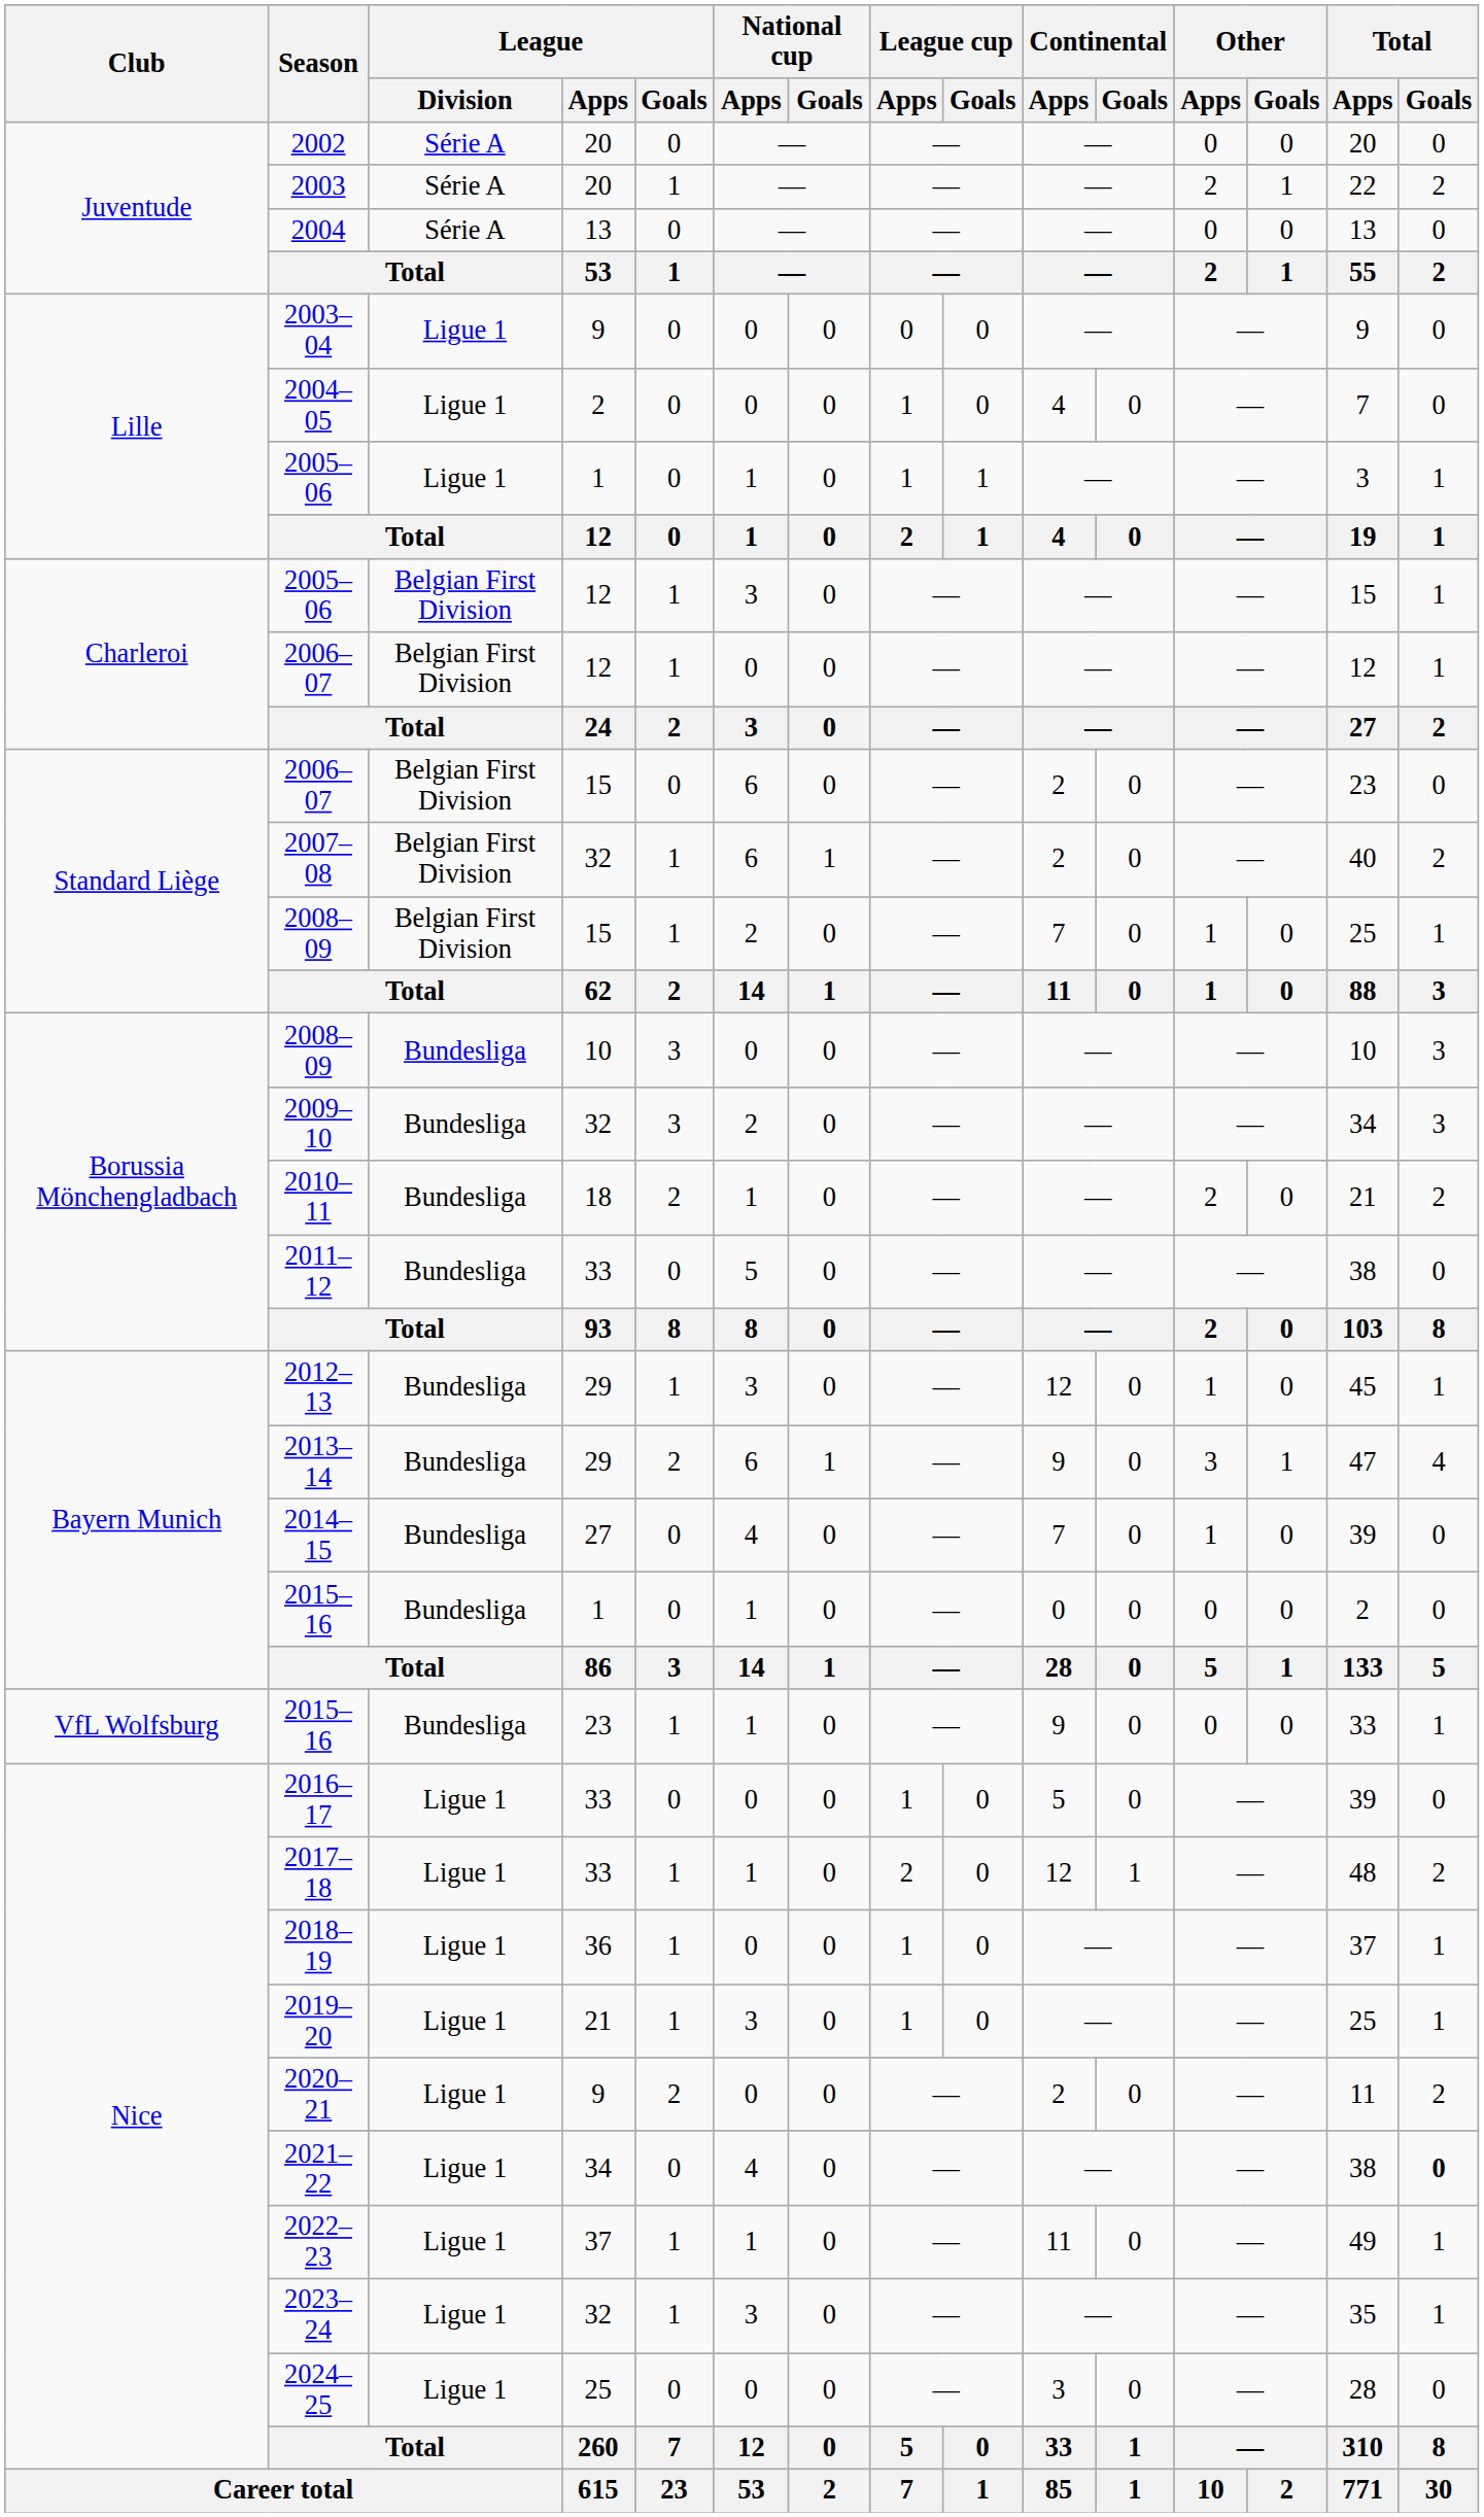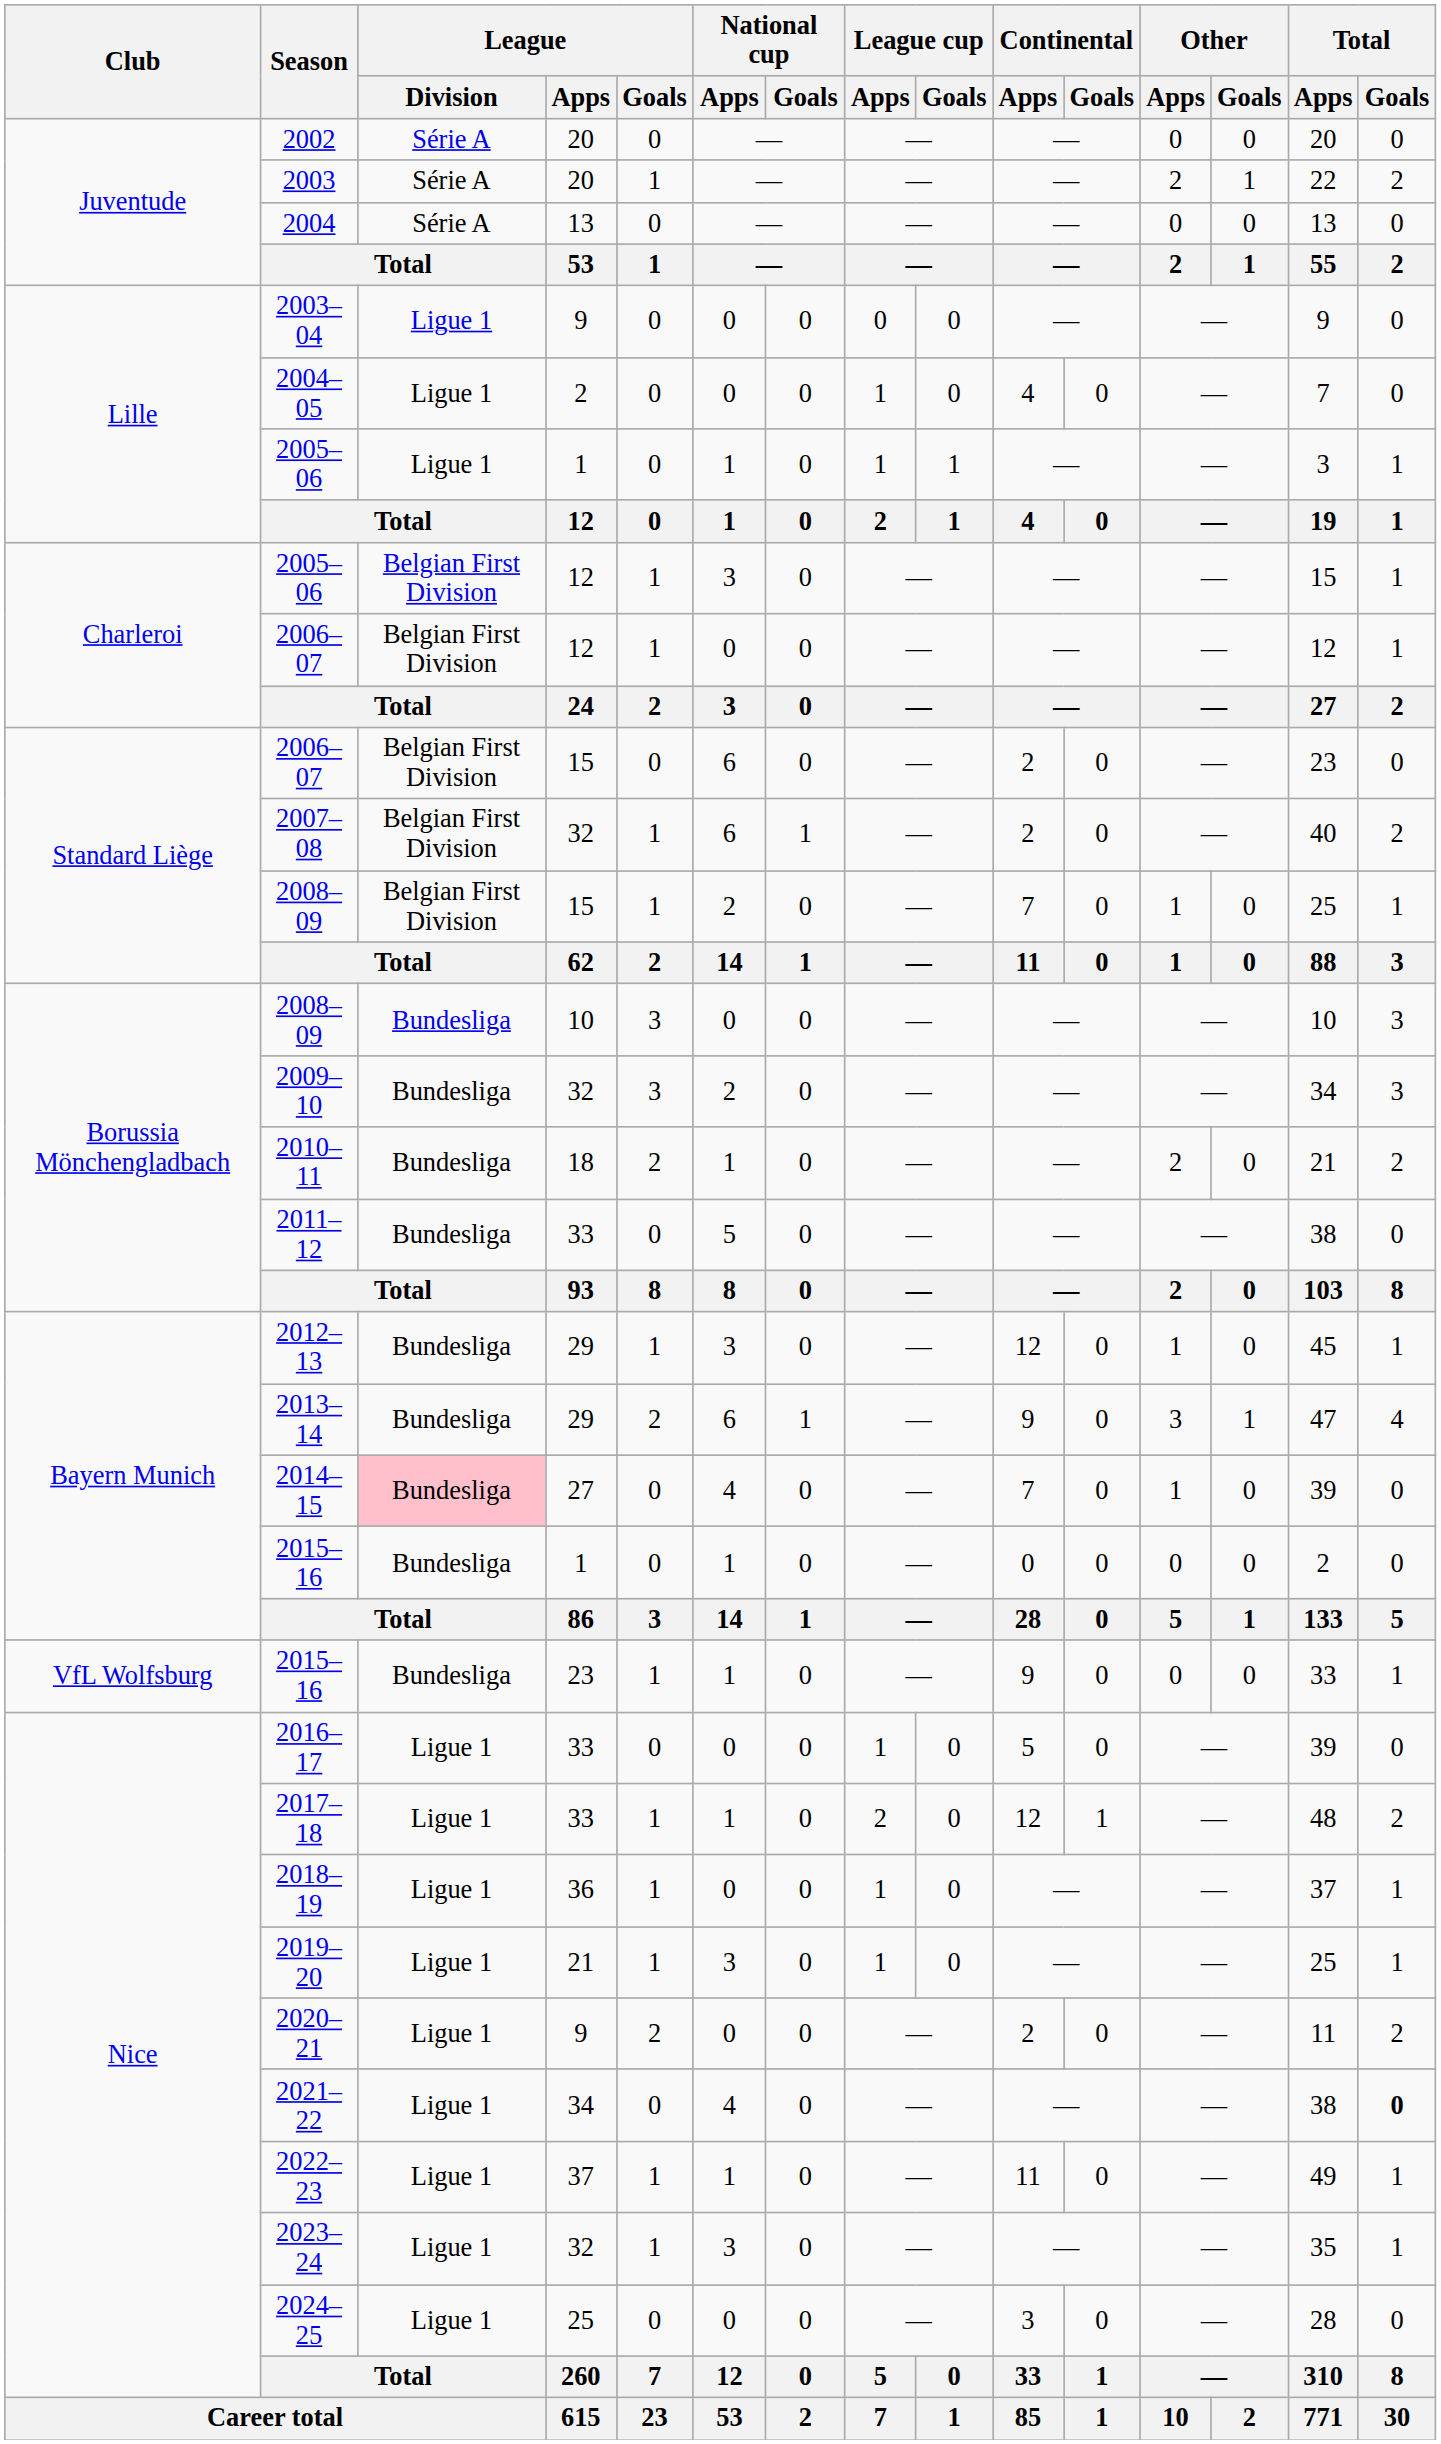 <table class="wikitable" style="text-align:center">
 <tr>
 <th rowspan="2">Club</th>
 <th rowspan="2">Season</th>
 <th colspan="3">League</th>
 <th colspan="2">National cup</th>
 <th colspan="2">League cup</th>
 <th colspan="2">Continental</th>
 <th colspan="2">Other</th>
 <th colspan="2">Total</th>
 </tr>
 <tr>
 <th>Division</th>
 <th>Apps</th>
 <th>Goals</th>
 <th>Apps</th>
 <th>Goals</th>
 <th>Apps</th>
 <th>Goals</th>
 <th>Apps</th>
 <th>Goals</th>
 <th>Apps</th>
 <th>Goals</th>
 <th>Apps</th>
 <th>Goals</th>
 </tr>
 <tr>
 <td rowspan="4"><a href='#'>Juventude</a></td>
 <td><a href='#'>2002</a></td>
 <td><a href='#'>Série A</a></td>
 <td>20</td>
 <td>0</td>
 <td colspan="2">—</td>
 <td colspan="2">—</td>
 <td colspan="2">—</td>
 <td>0</td>
 <td>0</td>
 <td>20</td>
 <td>0</td>
 </tr>
 <tr>
 <td><a href='#'>2003</a></td>
 <td>Série A</td>
 <td>20</td>
 <td>1</td>
 <td colspan="2">—</td>
 <td colspan="2">—</td>
 <td colspan="2">—</td>
 <td>2</td>
 <td>1</td>
 <td>22</td>
 <td>2</td>
 </tr>
 <tr>
 <td><a href='#'>2004</a></td>
 <td>Série A</td>
 <td>13</td>
 <td>0</td>
 <td colspan="2">—</td>
 <td colspan="2">—</td>
 <td colspan="2">—</td>
 <td>0</td>
 <td>0</td>
 <td>13</td>
 <td>0</td>
 </tr>
 <tr>
 <th colspan="2">Total</th>
 <th>53</th>
 <th>1</th>
 <th colspan="2">—</th>
 <th colspan="2">—</th>
 <th colspan="2">—</th>
 <th>2</th>
 <th>1</th>
 <th>55</th>
 <th>2</th>
 </tr>
 <tr>
 <td rowspan="4"><a href='#'>Lille</a></td>
 <td><a href='#'>2003–04</a></td>
 <td><a href='#'>Ligue 1</a></td>
 <td>9</td>
 <td>0</td>
 <td>0</td>
 <td>0</td>
 <td>0</td>
 <td>0</td>
 <td colspan="2">—</td>
 <td colspan="2">—</td>
 <td>9</td>
 <td>0</td>
 </tr>
 <tr>
 <td><a href='#'>2004–05</a></td>
 <td>Ligue 1</td>
 <td>2</td>
 <td>0</td>
 <td>0</td>
 <td>0</td>
 <td>1</td>
 <td>0</td>
 <td>4</td>
 <td>0</td>
 <td colspan="2">—</td>
 <td>7</td>
 <td>0</td>
 </tr>
 <tr>
 <td><a href='#'>2005–06</a></td>
 <td>Ligue 1</td>
 <td>1</td>
 <td>0</td>
 <td>1</td>
 <td>0</td>
 <td>1</td>
 <td>1</td>
 <td colspan="2">—</td>
 <td colspan="2">—</td>
 <td>3</td>
 <td>1</td>
 </tr>
 <tr>
 <th colspan="2">Total</th>
 <th>12</th>
 <th>0</th>
 <th>1</th>
 <th>0</th>
 <th>2</th>
 <th>1</th>
 <th>4</th>
 <th>0</th>
 <th colspan="2">—</th>
 <th>19</th>
 <th>1</th>
 </tr>
 <tr>
 <td rowspan="3"><a href='#'>Charleroi</a></td>
 <td><a href='#'>2005–06</a></td>
 <td><a href='#'>Belgian First Division</a></td>
 <td>12</td>
 <td>1</td>
 <td>3</td>
 <td>0</td>
 <td colspan="2">—</td>
 <td colspan="2">—</td>
 <td colspan="2">—</td>
 <td>15</td>
 <td>1</td>
 </tr>
 <tr>
 <td><a href='#'>2006–07</a></td>
 <td>Belgian First Division</td>
 <td>12</td>
 <td>1</td>
 <td>0</td>
 <td>0</td>
 <td colspan="2">—</td>
 <td colspan="2">—</td>
 <td colspan="2">—</td>
 <td>12</td>
 <td>1</td>
 </tr>
 <tr>
 <th colspan="2">Total</th>
 <th>24</th>
 <th>2</th>
 <th>3</th>
 <th>0</th>
 <th colspan="2">—</th>
 <th colspan="2">—</th>
 <th colspan="2">—</th>
 <th>27</th>
 <th>2</th>
 </tr>
 <tr>
 <td rowspan="4"><a href='#'>Standard Liège</a></td>
 <td><a href='#'>2006–07</a></td>
 <td>Belgian First Division</td>
 <td>15</td>
 <td>0</td>
 <td>6</td>
 <td>0</td>
 <td colspan="2">—</td>
 <td>2</td>
 <td>0</td>
 <td colspan="2">—</td>
 <td>23</td>
 <td>0</td>
 </tr>
 <tr>
 <td><a href='#'>2007–08</a></td>
 <td>Belgian First Division</td>
 <td>32</td>
 <td>1</td>
 <td>6</td>
 <td>1</td>
 <td colspan="2">—</td>
 <td>2</td>
 <td>0</td>
 <td colspan="2">—</td>
 <td>40</td>
 <td>2</td>
 </tr>
 <tr>
 <td><a href='#'>2008–09</a></td>
 <td>Belgian First Division</td>
 <td>15</td>
 <td>1</td>
 <td>2</td>
 <td>0</td>
 <td colspan="2">—</td>
 <td>7</td>
 <td>0</td>
 <td>1</td>
 <td>0</td>
 <td>25</td>
 <td>1</td>
 </tr>
 <tr>
 <th colspan="2">Total</th>
 <th>62</th>
 <th>2</th>
 <th>14</th>
 <th>1</th>
 <th colspan="2">—</th>
 <th>11</th>
 <th>0</th>
 <th>1</th>
 <th>0</th>
 <th>88</th>
 <th>3</th>
 </tr>
 <tr>
 <td rowspan="5"><a href='#'>Borussia Mönchengladbach</a></td>
 <td><a href='#'>2008–09</a></td>
 <td><a href='#'>Bundesliga</a></td>
 <td>10</td>
 <td>3</td>
 <td>0</td>
 <td>0</td>
 <td colspan="2">—</td>
 <td colspan="2">—</td>
 <td colspan="2">—</td>
 <td>10</td>
 <td>3</td>
 </tr>
 <tr>
 <td><a href='#'>2009–10</a></td>
 <td>Bundesliga</td>
 <td>32</td>
 <td>3</td>
 <td>2</td>
 <td>0</td>
 <td colspan="2">—</td>
 <td colspan="2">—</td>
 <td colspan="2">—</td>
 <td>34</td>
 <td>3</td>
 </tr>
 <tr>
 <td><a href='#'>2010–11</a></td>
 <td>Bundesliga</td>
 <td>18</td>
 <td>2</td>
 <td>1</td>
 <td>0</td>
 <td colspan="2">—</td>
 <td colspan="2">—</td>
 <td>2</td>
 <td>0</td>
 <td>21</td>
 <td>2</td>
 </tr>
 <tr>
 <td><a href='#'>2011–12</a></td>
 <td>Bundesliga</td>
 <td>33</td>
 <td>0</td>
 <td>5</td>
 <td>0</td>
 <td colspan="2">—</td>
 <td colspan="2">—</td>
 <td colspan="2">—</td>
 <td>38</td>
 <td>0</td>
 </tr>
 <tr>
 <th colspan="2">Total</th>
 <th>93</th>
 <th>8</th>
 <th>8</th>
 <th>0</th>
 <th colspan="2">—</th>
 <th colspan="2">—</th>
 <th>2</th>
 <th>0</th>
 <th>103</th>
 <th>8</th>
 </tr>
 <tr>
 <td rowspan="5"><a href='#'>Bayern Munich</a></td>
 <td><a href='#'>2012–13</a></td>
 <td>Bundesliga</td>
 <td>29</td>
 <td>1</td>
 <td>3</td>
 <td>0</td>
 <td colspan="2">—</td>
 <td>12</td>
 <td>0</td>
 <td>1</td>
 <td>0</td>
 <td>45</td>
 <td>1</td>
 </tr>
 <tr>
 <td><a href='#'>2013–14</a></td>
 <td>Bundesliga</td>
 <td>29</td>
 <td>2</td>
 <td>6</td>
 <td>1</td>
 <td colspan="2">—</td>
 <td>9</td>
 <td>0</td>
 <td>3</td>
 <td>1</td>
 <td>47</td>
 <td>4</td>
 </tr>
 <tr>
 <td><a href='#'>2014–15</a></td>
-<td>Bundesliga</td>
+<td style="background: pink;">Bundesliga</td>
 <td>27</td>
 <td>0</td>
 <td>4</td>
 <td>0</td>
 <td colspan="2">—</td>
 <td>7</td>
 <td>0</td>
 <td>1</td>
 <td>0</td>
 <td>39</td>
 <td>0</td>
 </tr>
 <tr>
 <td><a href='#'>2015–16</a></td>
 <td>Bundesliga</td>
 <td>1</td>
 <td>0</td>
 <td>1</td>
 <td>0</td>
 <td colspan="2">—</td>
 <td>0</td>
 <td>0</td>
 <td>0</td>
 <td>0</td>
 <td>2</td>
 <td>0</td>
 </tr>
 <tr>
 <th colspan="2">Total</th>
 <th>86</th>
 <th>3</th>
 <th>14</th>
 <th>1</th>
 <th colspan="2">—</th>
 <th>28</th>
 <th>0</th>
 <th>5</th>
 <th>1</th>
 <th>133</th>
 <th>5</th>
 </tr>
 <tr>
 <td><a href='#'>VfL Wolfsburg</a></td>
 <td><a href='#'>2015–16</a></td>
 <td>Bundesliga</td>
 <td>23</td>
 <td>1</td>
 <td>1</td>
 <td>0</td>
 <td colspan="2">—</td>
 <td>9</td>
 <td>0</td>
 <td>0</td>
 <td>0</td>
 <td>33</td>
 <td>1</td>
 </tr>
 <tr>
 <td rowspan="10"><a href='#'>Nice</a></td>
 <td><a href='#'>2016–17</a></td>
 <td>Ligue 1</td>
 <td>33</td>
 <td>0</td>
 <td>0</td>
 <td>0</td>
 <td>1</td>
 <td>0</td>
 <td>5</td>
 <td>0</td>
 <td colspan="2">—</td>
 <td>39</td>
 <td>0</td>
 </tr>
 <tr>
 <td><a href='#'>2017–18</a></td>
 <td>Ligue 1</td>
 <td>33</td>
 <td>1</td>
 <td>1</td>
 <td>0</td>
 <td>2</td>
 <td>0</td>
 <td>12</td>
 <td>1</td>
 <td colspan="2">—</td>
 <td>48</td>
 <td>2</td>
 </tr>
 <tr>
 <td><a href='#'>2018–19</a></td>
 <td>Ligue 1</td>
 <td>36</td>
 <td>1</td>
 <td>0</td>
 <td>0</td>
 <td>1</td>
 <td>0</td>
 <td colspan="2">—</td>
 <td colspan="2">—</td>
 <td>37</td>
 <td>1</td>
 </tr>
 <tr>
 <td><a href='#'>2019–20</a></td>
 <td>Ligue 1</td>
 <td>21</td>
 <td>1</td>
 <td>3</td>
 <td>0</td>
 <td>1</td>
 <td>0</td>
 <td colspan="2">—</td>
 <td colspan="2">—</td>
 <td>25</td>
 <td>1</td>
 </tr>
 <tr>
 <td><a href='#'>2020–21</a></td>
 <td>Ligue 1</td>
 <td>9</td>
 <td>2</td>
 <td>0</td>
 <td>0</td>
 <td colspan="2">—</td>
 <td>2</td>
 <td>0</td>
 <td colspan="2">—</td>
 <td>11</td>
 <td>2</td>
 </tr>
 <tr>
 <td><a href='#'>2021–22</a></td>
 <td>Ligue 1</td>
 <td>34</td>
 <td>0</td>
 <td>4</td>
 <td>0</td>
 <td colspan="2">—</td>
 <td colspan="2">—</td>
 <td colspan="2">—</td>
 <td>38</td>
 <td><strong>0</strong></td>
 </tr>
 <tr>
 <td><a href='#'>2022–23</a></td>
 <td>Ligue 1</td>
 <td>37</td>
 <td>1</td>
 <td>1</td>
 <td>0</td>
 <td colspan="2">—</td>
 <td>11</td>
 <td>0</td>
 <td colspan="2">—</td>
 <td>49</td>
 <td>1</td>
 </tr>
 <tr>
 <td><a href='#'>2023–24</a></td>
 <td>Ligue 1</td>
 <td>32</td>
 <td>1</td>
 <td>3</td>
 <td>0</td>
 <td colspan="2">—</td>
 <td colspan="2">—</td>
 <td colspan="2">—</td>
 <td>35</td>
 <td>1</td>
 </tr>
 <tr>
 <td><a href='#'>2024–25</a></td>
 <td>Ligue 1</td>
 <td>25</td>
 <td>0</td>
 <td>0</td>
 <td>0</td>
 <td colspan="2">—</td>
 <td>3</td>
 <td>0</td>
 <td colspan="2">—</td>
 <td>28</td>
 <td>0</td>
 </tr>
 <tr>
 <th colspan="2">Total</th>
 <th>260</th>
 <th>7</th>
 <th>12</th>
 <th>0</th>
 <th>5</th>
 <th>0</th>
 <th>33</th>
 <th>1</th>
 <th colspan="2">—</th>
 <th>310</th>
 <th>8</th>
 </tr>
 <tr>
 <th colspan="3">Career total</th>
 <th>615</th>
 <th>23</th>
 <th>53</th>
 <th>2</th>
 <th>7</th>
 <th>1</th>
 <th>85</th>
 <th>1</th>
 <th>10</th>
 <th>2</th>
 <th>771</th>
 <th>30</th>
 </tr>
 </table>
